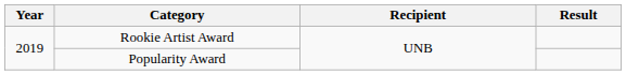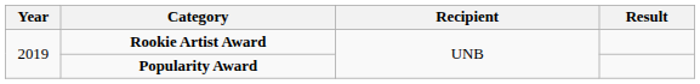 <table class="wikitable" style="text-align:center">
 <tr>
 <th width="50">Year</th>
 <th width="275">Category</th>
 <th width="265">Recipient</th>
 <th width="90">Result</th>
 </tr>
 <tr>
 <td rowspan=2>2019</td>
-<td>Rookie Artist Award</td>
+<td><strong>Rookie Artist Award</strong></td>
 <td rowspan=2>UNB</td>
 <td></td>
 </tr>
 <tr>
-<td>Popularity Award</td>
+<td><strong>Popularity Award</strong></td>
 <td></td>
 </tr>
 </table>
